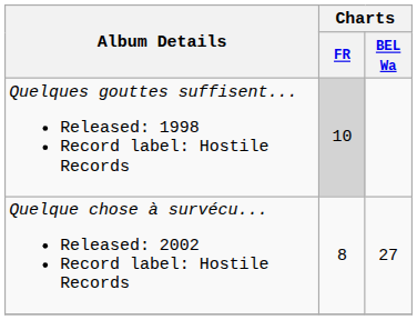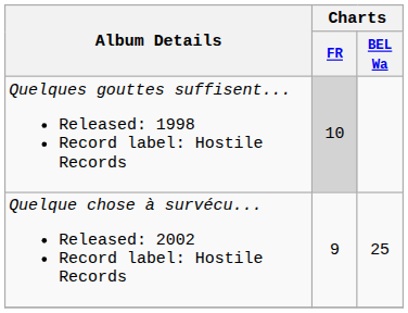 <table class="wikitable">
 <tr>
 <th align="center" rowspan="2" width="240">Album Details</th>
 <th align="center" colspan="2">Charts</th>
 </tr>
 <tr>
 <th width="30"><small><a href='#'>FR</a></small><br></th>
 <th width="30"><small><a href='#'>BEL <br>Wa</a></small><br></th>
 </tr>
 <tr>
 <td><em>Quelques gouttes suffisent...</em><br><ul><li>Released: 1998</li><li>Record label: Hostile Records</li></ul></td>
 <td align="center" style="background: lightgrey;">10</td>
 <td align="center"></td>
 </tr>
 <tr>
 <td><em>Quelque chose à survécu...</em><br><ul><li>Released: 2002</li><li>Record label: Hostile Records</li></ul></td>
-<td align="center">8</td>
-<td align="center">27</td>
+<td align="center">9</td>
+<td align="center">25</td>
 </tr>
 <tr>
 </tr>
 </table>
